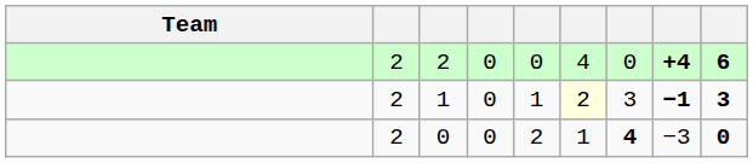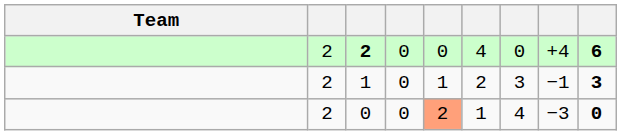 <table class=wikitable style="text-align:center">
 <tr>
 <th width=200>Team</th>
 <th width=20></th>
 <th width=20></th>
 <th width=20></th>
 <th width=20></th>
 <th width=20></th>
 <th width=20></th>
 <th width=20></th>
 <th width=20></th>
 </tr>
 <tr bgcolor=#ccffcc>
 <td align=left></td>
 <td>2</td>
-<td>2</td>
+<td><strong>2</strong></td>
 <td>0</td>
 <td>0</td>
 <td>4</td>
 <td>0</td>
-<td><strong>+4</strong></td>
+<td>+4</td>
 <td><strong>6</strong></td>
 </tr>
 <tr>
 <td align=left></td>
 <td>2</td>
 <td>1</td>
 <td>0</td>
 <td>1</td>
-<td style="background: lightyellow;">2</td>
+<td>2</td>
 <td>3</td>
-<td><strong>−1</strong></td>
+<td>−1</td>
 <td><strong>3</strong></td>
 </tr>
 <tr>
 <td align=left></td>
 <td>2</td>
 <td>0</td>
 <td>0</td>
-<td>2</td>
+<td style="background: lightsalmon;">2</td>
 <td>1</td>
-<td><strong>4</strong></td>
+<td>4</td>
 <td>−3</td>
 <td><strong>0</strong></td>
 </tr>
 </table>
